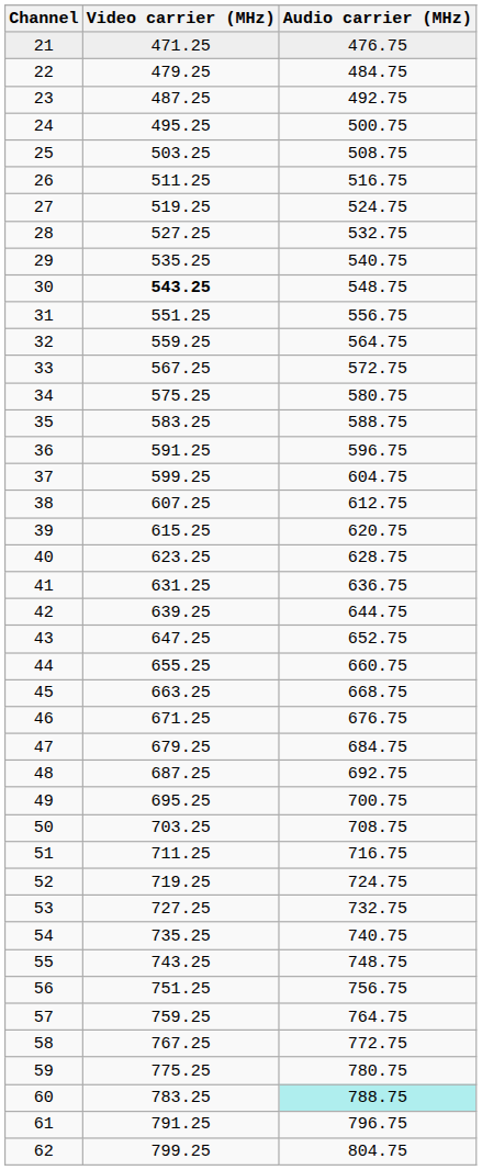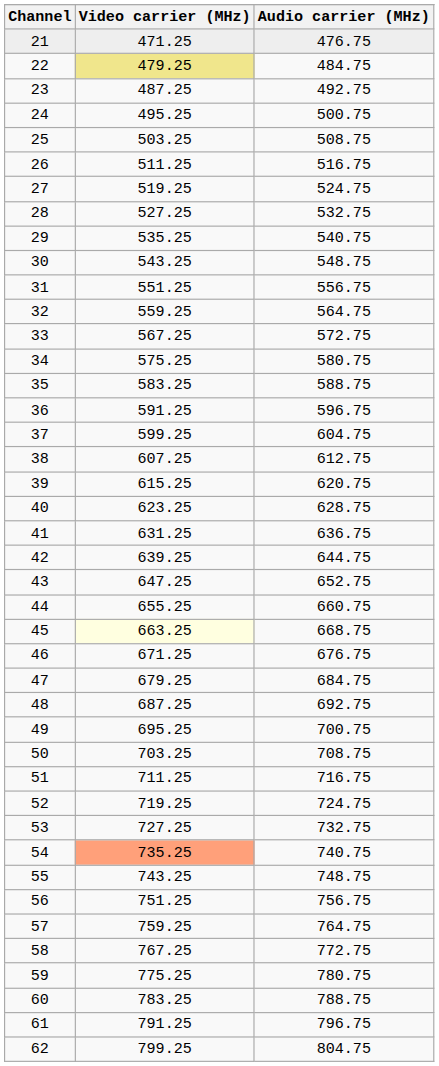 <table class="wikitable" style="text-align: center; border-collapse:collapse">
 <tr>
 </tr>
 <tr>
 <th>Channel</th>
 <th>Video carrier (MHz)</th>
 <th>Audio carrier (MHz)</th>
 </tr>
 <tr bgcolor=#EEEEEE>
 <td>21</td>
 <td>471.25</td>
 <td>476.75</td>
 </tr>
 <tr>
 <td>22</td>
-<td>479.25</td>
+<td style="background: khaki;">479.25</td>
 <td>484.75</td>
 </tr>
 <tr>
 <td>23</td>
 <td>487.25</td>
 <td>492.75</td>
 </tr>
 <tr>
 <td>24</td>
 <td>495.25</td>
 <td>500.75</td>
 </tr>
 <tr>
 <td>25</td>
 <td>503.25</td>
 <td>508.75</td>
 </tr>
 <tr>
 <td>26</td>
 <td>511.25</td>
 <td>516.75</td>
 </tr>
 <tr>
 <td>27</td>
 <td>519.25</td>
 <td>524.75</td>
 </tr>
 <tr>
 <td>28</td>
 <td>527.25</td>
 <td>532.75</td>
 </tr>
 <tr>
 <td>29</td>
 <td>535.25</td>
 <td>540.75</td>
 </tr>
 <tr>
 <td>30</td>
-<td><strong>543.25</strong></td>
+<td>543.25</td>
 <td>548.75</td>
 </tr>
 <tr>
 <td>31</td>
 <td>551.25</td>
 <td>556.75</td>
 </tr>
 <tr>
 <td>32</td>
 <td>559.25</td>
 <td>564.75</td>
 </tr>
 <tr>
 <td>33</td>
 <td>567.25</td>
 <td>572.75</td>
 </tr>
 <tr>
 <td>34</td>
 <td>575.25</td>
 <td>580.75</td>
 </tr>
 <tr>
 <td>35</td>
 <td>583.25</td>
 <td>588.75</td>
 </tr>
 <tr>
 <td>36</td>
 <td>591.25</td>
 <td>596.75</td>
 </tr>
 <tr>
 <td>37</td>
 <td>599.25</td>
 <td>604.75</td>
 </tr>
 <tr>
 <td>38</td>
 <td>607.25</td>
 <td>612.75</td>
 </tr>
 <tr>
 <td>39</td>
 <td>615.25</td>
 <td>620.75</td>
 </tr>
 <tr>
 <td>40</td>
 <td>623.25</td>
 <td>628.75</td>
 </tr>
 <tr>
 <td>41</td>
 <td>631.25</td>
 <td>636.75</td>
 </tr>
 <tr>
 <td>42</td>
 <td>639.25</td>
 <td>644.75</td>
 </tr>
 <tr>
 <td>43</td>
 <td>647.25</td>
 <td>652.75</td>
 </tr>
 <tr>
 <td>44</td>
 <td>655.25</td>
 <td>660.75</td>
 </tr>
 <tr>
 <td>45</td>
-<td>663.25</td>
+<td style="background: lightyellow;">663.25</td>
 <td>668.75</td>
 </tr>
 <tr>
 <td>46</td>
 <td>671.25</td>
 <td>676.75</td>
 </tr>
 <tr>
 <td>47</td>
 <td>679.25</td>
 <td>684.75</td>
 </tr>
 <tr>
 <td>48</td>
 <td>687.25</td>
 <td>692.75</td>
 </tr>
 <tr>
 <td>49</td>
 <td>695.25</td>
 <td>700.75</td>
 </tr>
 <tr>
 <td>50</td>
 <td>703.25</td>
 <td>708.75</td>
 </tr>
 <tr>
 <td>51</td>
 <td>711.25</td>
 <td>716.75</td>
 </tr>
 <tr>
 <td>52</td>
 <td>719.25</td>
 <td>724.75</td>
 </tr>
 <tr>
 <td>53</td>
 <td>727.25</td>
 <td>732.75</td>
 </tr>
 <tr>
 <td>54</td>
-<td>735.25</td>
+<td style="background: lightsalmon;">735.25</td>
 <td>740.75</td>
 </tr>
 <tr>
 <td>55</td>
 <td>743.25</td>
 <td>748.75</td>
 </tr>
 <tr>
 <td>56</td>
 <td>751.25</td>
 <td>756.75</td>
 </tr>
 <tr>
 <td>57</td>
 <td>759.25</td>
 <td>764.75</td>
 </tr>
 <tr>
 <td>58</td>
 <td>767.25</td>
 <td>772.75</td>
 </tr>
 <tr>
 <td>59</td>
 <td>775.25</td>
 <td>780.75</td>
 </tr>
 <tr>
 <td>60</td>
 <td>783.25</td>
-<td style="background: paleturquoise;">788.75</td>
+<td>788.75</td>
 </tr>
 <tr>
 <td>61</td>
 <td>791.25</td>
 <td>796.75</td>
 </tr>
 <tr>
 <td>62</td>
 <td>799.25</td>
 <td>804.75</td>
 </tr>
 </table>
